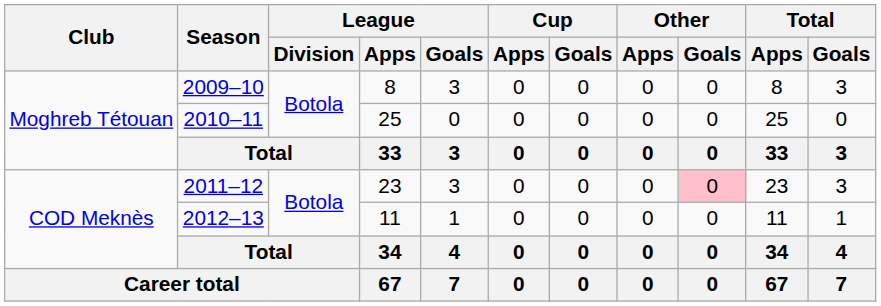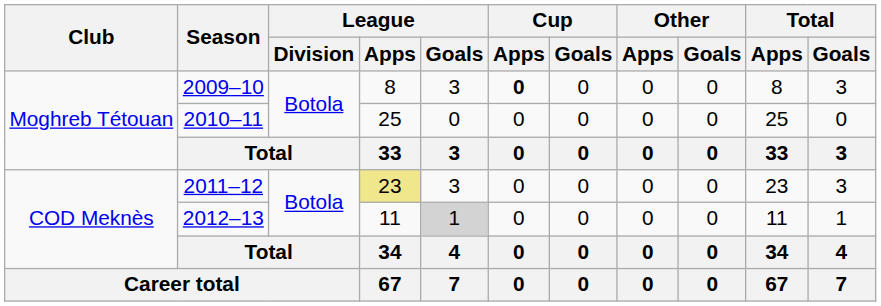 <table class="wikitable" style="text-align: center">
 <tr>
 <th rowspan="2">Club</th>
 <th rowspan="2">Season</th>
 <th colspan="3">League</th>
 <th colspan="2">Cup</th>
 <th colspan="2">Other</th>
 <th colspan="2">Total</th>
 </tr>
 <tr>
 <th>Division</th>
 <th>Apps</th>
 <th>Goals</th>
 <th>Apps</th>
 <th>Goals</th>
 <th>Apps</th>
 <th>Goals</th>
 <th>Apps</th>
 <th>Goals</th>
 </tr>
 <tr>
 <td rowspan="3"><a href='#'>Moghreb Tétouan</a></td>
 <td><a href='#'>2009–10</a></td>
 <td rowspan="2"><a href='#'>Botola</a></td>
 <td>8</td>
 <td>3</td>
-<td>0</td>
+<td><strong>0</strong></td>
 <td>0</td>
 <td>0</td>
 <td>0</td>
 <td>8</td>
 <td>3</td>
 </tr>
 <tr>
 <td><a href='#'>2010–11</a></td>
 <td>25</td>
 <td>0</td>
 <td>0</td>
 <td>0</td>
 <td>0</td>
 <td>0</td>
 <td>25</td>
 <td>0</td>
 </tr>
 <tr>
 <th colspan="2">Total</th>
 <th>33</th>
 <th>3</th>
 <th>0</th>
 <th>0</th>
 <th>0</th>
 <th>0</th>
 <th>33</th>
 <th>3</th>
 </tr>
 <tr>
 <td rowspan="3"><a href='#'>COD Meknès</a></td>
 <td><a href='#'>2011–12</a></td>
 <td rowspan="2"><a href='#'>Botola</a></td>
-<td>23</td>
+<td style="background: khaki;">23</td>
 <td>3</td>
 <td>0</td>
 <td>0</td>
 <td>0</td>
-<td style="background: pink;">0</td>
+<td>0</td>
 <td>23</td>
 <td>3</td>
 </tr>
 <tr>
 <td><a href='#'>2012–13</a></td>
 <td>11</td>
-<td>1</td>
+<td style="background: lightgrey;">1</td>
 <td>0</td>
 <td>0</td>
 <td>0</td>
 <td>0</td>
 <td>11</td>
 <td>1</td>
 </tr>
 <tr>
 <th colspan="2">Total</th>
 <th>34</th>
 <th>4</th>
 <th>0</th>
 <th>0</th>
 <th>0</th>
 <th>0</th>
 <th>34</th>
 <th>4</th>
 </tr>
 <tr>
 <th colspan="3">Career total</th>
 <th>67</th>
 <th>7</th>
 <th>0</th>
 <th>0</th>
 <th>0</th>
 <th>0</th>
 <th>67</th>
 <th>7</th>
 </tr>
 </table>
